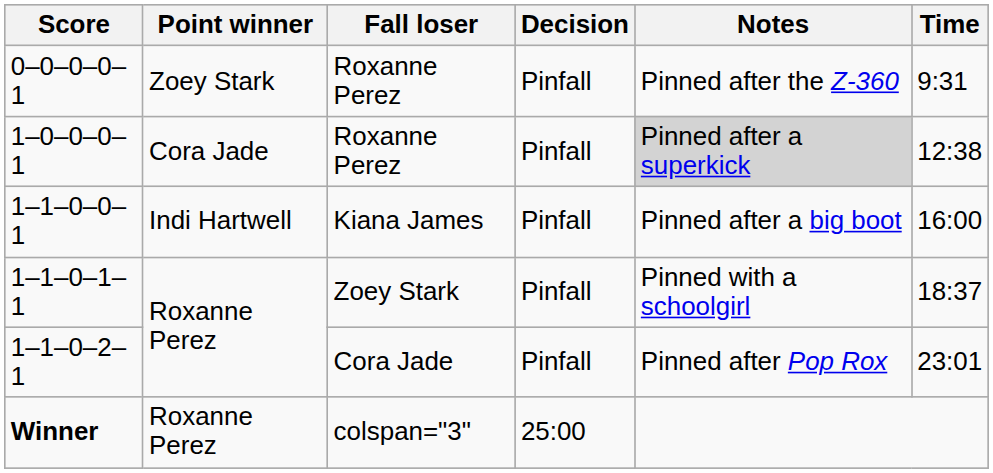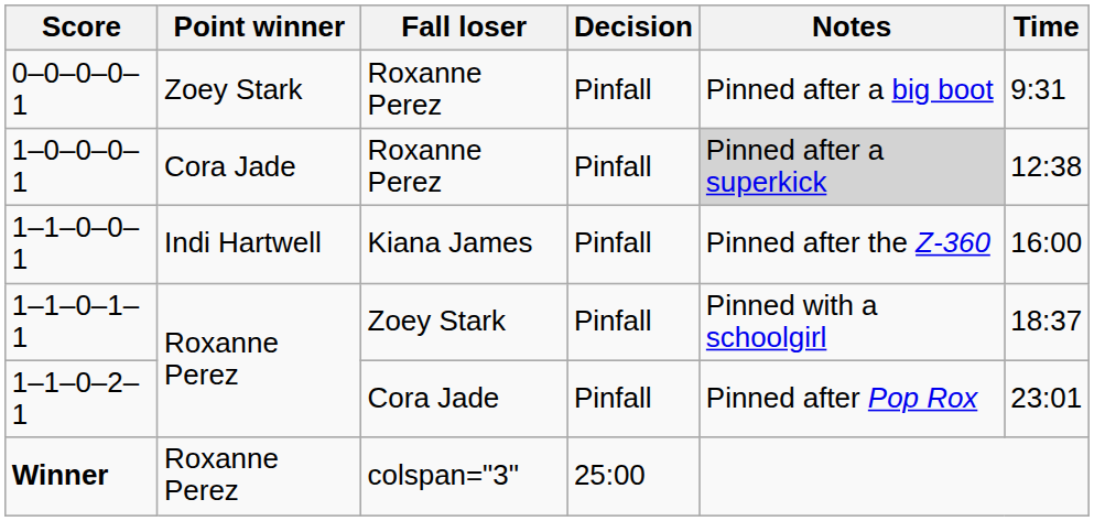 <table class="wikitable">
 <tr>
 <th>Score</th>
 <th>Point winner</th>
 <th>Fall loser</th>
 <th>Decision</th>
 <th>Notes</th>
 <th>Time</th>
 </tr>
 <tr>
 <td>0–0–0–0–1</td>
 <td>Zoey Stark</td>
 <td>Roxanne Perez</td>
 <td>Pinfall</td>
-<td>Pinned after the <a href='#'><em>Z-360</em></a></td>
+<td>Pinned after a <a href='#'>big boot</a></td>
 <td>9:31</td>
 </tr>
 <tr>
 <td>1–0–0–0–1</td>
 <td>Cora Jade</td>
 <td>Roxanne Perez</td>
 <td>Pinfall</td>
 <td style="background: lightgrey;">Pinned after a <a href='#'>superkick</a></td>
 <td>12:38</td>
 </tr>
 <tr>
 <td>1–1–0–0–1</td>
 <td>Indi Hartwell</td>
 <td>Kiana James</td>
 <td>Pinfall</td>
-<td>Pinned after a <a href='#'>big boot</a></td>
+<td>Pinned after the <a href='#'><em>Z-360</em></a></td>
 <td>16:00</td>
 </tr>
 <tr>
 <td>1–1–0–1–1</td>
 <td rowspan=2>Roxanne Perez</td>
 <td>Zoey Stark</td>
 <td>Pinfall</td>
 <td>Pinned with a <a href='#'>schoolgirl</a></td>
 <td>18:37</td>
 </tr>
 <tr>
 <td>1–1–0–2–1</td>
 <td>Cora Jade</td>
 <td>Pinfall</td>
 <td>Pinned after <a href='#'><em>Pop Rox</em></a></td>
 <td>23:01</td>
 </tr>
 <tr>
 <td><strong>Winner</strong></td>
 <td>Roxanne Perez</td>
 <td>colspan="3" </td>
 <td>25:00</td>
 </tr>
 </table>
